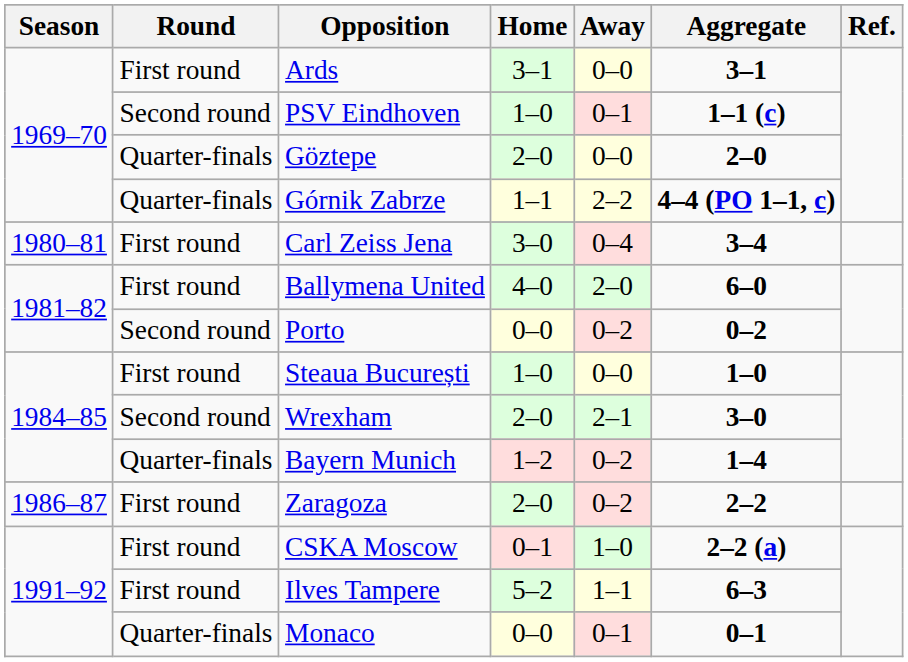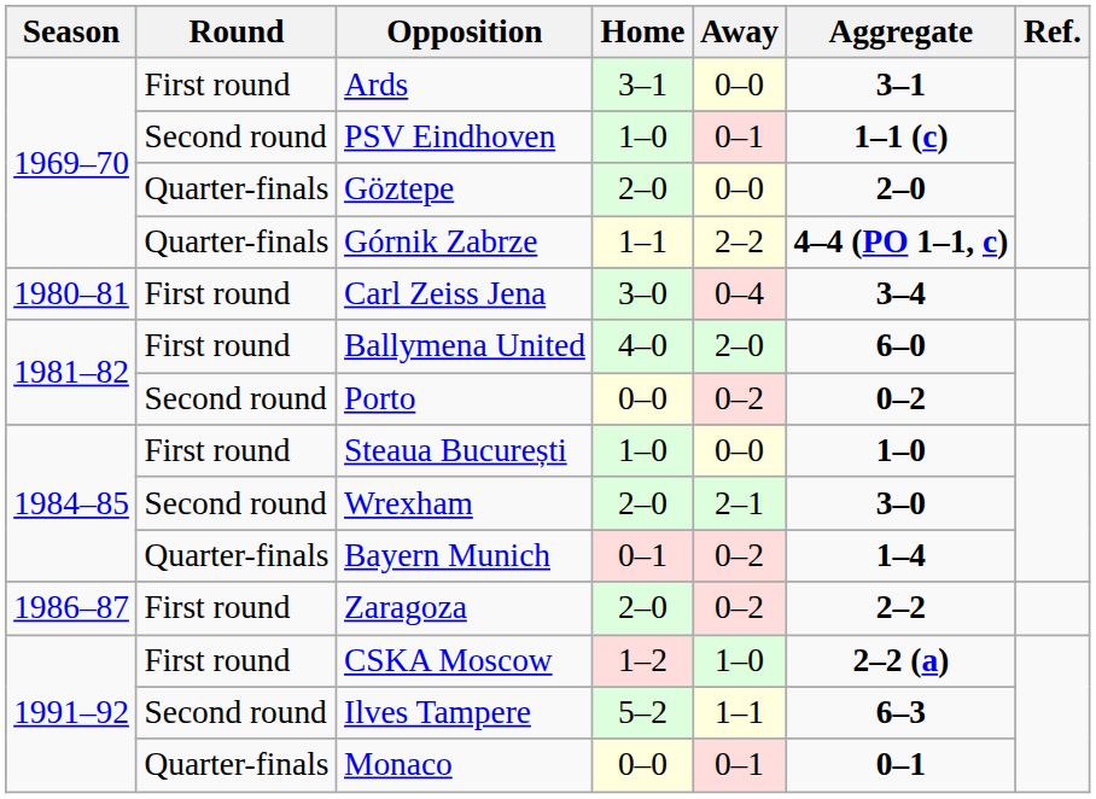 <table class="wikitable">
 <tr>
 <th>Season</th>
 <th>Round</th>
 <th>Opposition</th>
 <th>Home</th>
 <th>Away</th>
 <th>Aggregate</th>
 <th>Ref.</th>
 </tr>
 <tr>
 <td rowspan=4><a href='#'>1969–70</a></td>
 <td>First round</td>
 <td> <a href='#'>Ards</a></td>
 <td style="text-align:center; background:#dfd;">3–1</td>
 <td style="text-align:center; background:#ffd;">0–0</td>
 <td style="text-align:center;"><strong>3–1</strong></td>
 <td rowspan=4 style="text-align:center;"></td>
 </tr>
 <tr>
 <td>Second round</td>
 <td> <a href='#'>PSV Eindhoven</a></td>
 <td style="text-align:center; background:#dfd;">1–0</td>
 <td style="text-align:center; background:#fdd;">0–1</td>
 <td style="text-align:center;"><strong>1–1 (<a href='#'>c</a>)</strong></td>
 </tr>
 <tr>
 <td>Quarter-finals</td>
 <td> <a href='#'>Göztepe</a></td>
 <td style="text-align:center; background:#dfd;">2–0</td>
 <td style="text-align:center; background:#ffd;">0–0</td>
 <td style="text-align:center;"><strong>2–0</strong></td>
 </tr>
 <tr>
 <td>Quarter-finals</td>
 <td> <a href='#'>Górnik Zabrze</a></td>
 <td style="text-align:center; background:#ffd;">1–1</td>
 <td style="text-align:center; background:#ffd;">2–2</td>
 <td style="text-align:center;"><strong>4–4 (<a href='#'>PO</a> 1–1, <a href='#'>c</a>)</strong></td>
 </tr>
 <tr>
 <td><a href='#'>1980–81</a></td>
 <td>First round</td>
 <td> <a href='#'>Carl Zeiss Jena</a></td>
 <td style="text-align:center; background:#dfd;">3–0</td>
 <td style="text-align:center; background:#fdd;">0–4</td>
 <td style="text-align:center;"><strong>3–4</strong></td>
 <td style="text-align:center;"></td>
 </tr>
 <tr>
 <td rowspan=2><a href='#'>1981–82</a></td>
 <td>First round</td>
 <td> <a href='#'>Ballymena United</a></td>
 <td style="text-align:center; background:#dfd;">4–0</td>
 <td style="text-align:center; background:#dfd;">2–0</td>
 <td style="text-align:center;"><strong>6–0</strong></td>
 <td rowspan="2" style="text-align:center;"></td>
 </tr>
 <tr>
 <td>Second round</td>
 <td> <a href='#'>Porto</a></td>
 <td style="text-align:center; background:#ffd;">0–0</td>
 <td style="text-align:center; background:#fdd;">0–2</td>
 <td style="text-align:center;"><strong>0–2 </strong></td>
 </tr>
 <tr>
 <td rowspan=3><a href='#'>1984–85</a></td>
 <td>First round</td>
 <td> <a href='#'>Steaua București</a></td>
 <td style="text-align:center; background:#dfd;">1–0</td>
 <td style="text-align:center; background:#ffd;">0–0</td>
 <td style="text-align:center;"><strong>1–0</strong></td>
 <td rowspan=3 style="text-align:center;"></td>
 </tr>
 <tr>
 <td>Second round</td>
 <td> <a href='#'>Wrexham</a></td>
 <td style="text-align:center; background:#dfd;">2–0</td>
 <td style="text-align:center; background:#dfd;">2–1</td>
 <td style="text-align:center;"><strong>3–0</strong></td>
 </tr>
 <tr>
 <td>Quarter-finals</td>
 <td> <a href='#'>Bayern Munich</a></td>
-<td style="text-align:center; background:#fdd;">1–2</td>
+<td style="text-align:center; background:#fdd;">0–1</td>
 <td style="text-align:center; background:#fdd;">0–2</td>
 <td style="text-align:center;"><strong>1–4</strong></td>
 </tr>
 <tr>
 <td><a href='#'>1986–87</a></td>
 <td>First round</td>
 <td> <a href='#'>Zaragoza</a></td>
 <td style="text-align:center; background:#dfd;">2–0</td>
 <td style="text-align:center; background:#fdd;">0–2 </td>
 <td style="text-align:center;"><strong>2–2 </strong></td>
 <td style="text-align:center;"></td>
 </tr>
 <tr>
 <td rowspan=3><a href='#'>1991–92</a></td>
 <td>First round</td>
 <td> <a href='#'>CSKA Moscow</a></td>
-<td style="text-align:center; background:#fdd;">0–1</td>
+<td style="text-align:center; background:#fdd;">1–2</td>
 <td style="text-align:center; background:#dfd;">1–0</td>
 <td style="text-align:center;"><strong>2–2 (<a href='#'>a</a>)</strong></td>
 <td rowspan="3" style="text-align:center;"></td>
 </tr>
 <tr>
-<td>First round</td>
+<td>Second round</td>
 <td> <a href='#'>Ilves Tampere</a></td>
 <td style="text-align:center; background:#dfd;">5–2</td>
 <td style="text-align:center; background:#ffd;">1–1</td>
 <td style="text-align:center;"><strong>6–3</strong></td>
 </tr>
 <tr>
 <td>Quarter-finals</td>
 <td> <a href='#'>Monaco</a></td>
 <td style="text-align:center; background:#ffd;">0–0</td>
 <td style="text-align:center; background:#fdd;">0–1</td>
 <td style="text-align:center;"><strong>0–1</strong></td>
 </tr>
 </table>
